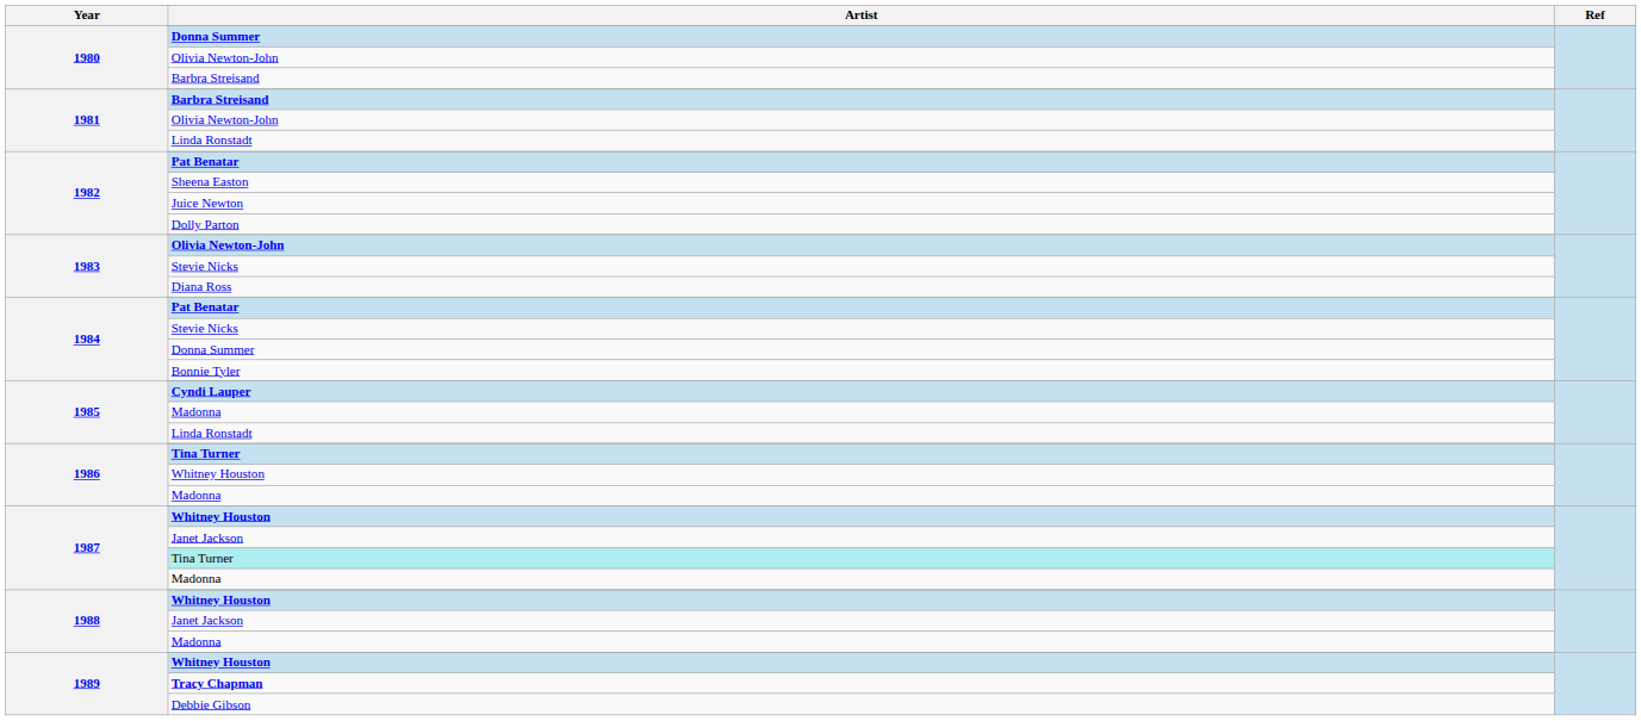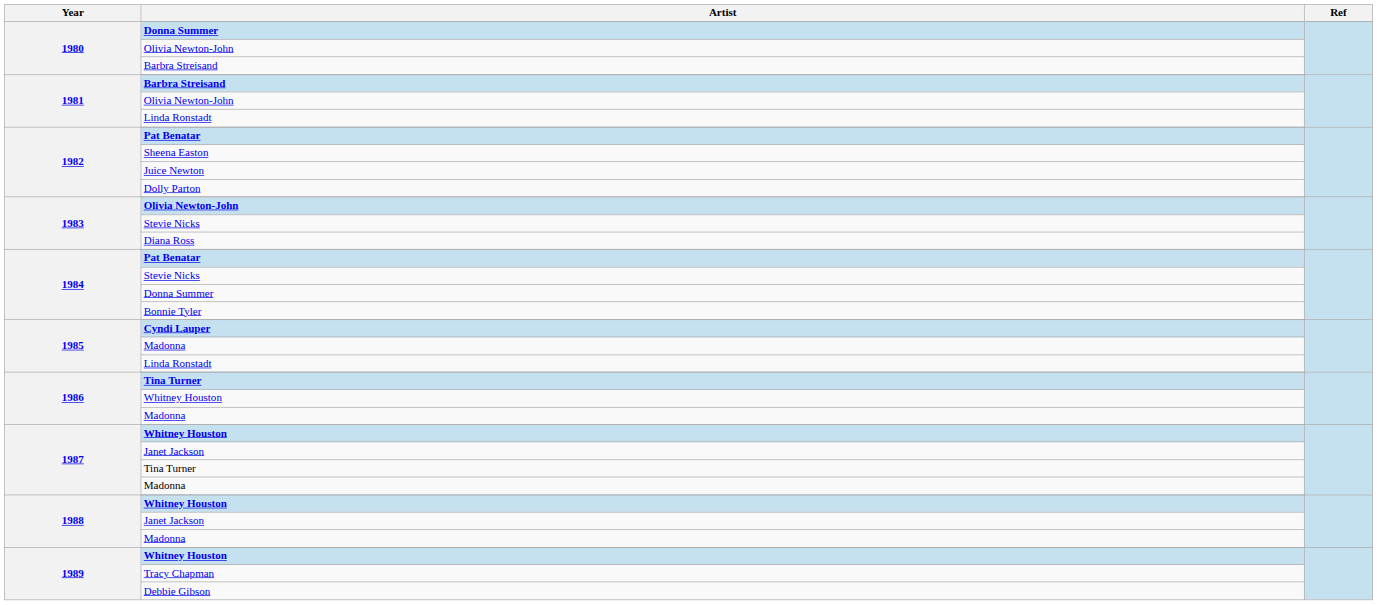 <table class="wikitable" width="100%">
 <tr>
 <th width="10%">Year</th>
 <th width="85%">Artist</th>
 <th width="5%">Ref</th>
 </tr>
 <tr>
 <th rowspan="4" align="center"><a href='#'>1980<br></a></th>
 </tr>
 <tr style="background:#c5e1f0">
 <td><strong><a href='#'>Donna Summer</a></strong></td>
 <td rowspan="4" align="center"></td>
 </tr>
 <tr>
 <td><a href='#'>Olivia Newton-John</a></td>
 </tr>
 <tr>
 <td><a href='#'>Barbra Streisand</a></td>
 </tr>
 <tr>
 <th rowspan="4" align="center"><a href='#'>1981<br></a></th>
 </tr>
 <tr style="background:#c5e1f0">
 <td><strong><a href='#'>Barbra Streisand</a></strong></td>
 <td rowspan="4" align="center"></td>
 </tr>
 <tr>
 <td><a href='#'>Olivia Newton-John</a></td>
 </tr>
 <tr>
 <td><a href='#'>Linda Ronstadt</a></td>
 </tr>
 <tr>
 <th rowspan="5" align="center"><a href='#'>1982<br></a></th>
 </tr>
 <tr style="background:#c5e1f0">
 <td><strong><a href='#'>Pat Benatar</a></strong></td>
 <td rowspan="5" align="center"></td>
 </tr>
 <tr>
 <td><a href='#'>Sheena Easton</a></td>
 </tr>
 <tr>
 <td><a href='#'>Juice Newton</a></td>
 </tr>
 <tr>
 <td><a href='#'>Dolly Parton</a></td>
 </tr>
 <tr>
 <th rowspan="4" align="center"><a href='#'>1983<br></a></th>
 </tr>
 <tr style="background:#c5e1f0">
 <td><strong><a href='#'>Olivia Newton-John</a></strong></td>
 <td rowspan="4" align="center"></td>
 </tr>
 <tr>
 <td><a href='#'>Stevie Nicks</a></td>
 </tr>
 <tr>
 <td><a href='#'>Diana Ross</a></td>
 </tr>
 <tr>
 <th rowspan="5" align="center"><a href='#'>1984<br></a></th>
 </tr>
 <tr style="background:#c5e1f0">
 <td><strong><a href='#'>Pat Benatar</a></strong></td>
 <td rowspan="5" align="center"></td>
 </tr>
 <tr>
 <td><a href='#'>Stevie Nicks</a></td>
 </tr>
 <tr>
 <td><a href='#'>Donna Summer</a></td>
 </tr>
 <tr>
 <td><a href='#'>Bonnie Tyler</a></td>
 </tr>
 <tr>
 <th rowspan="4" align="center"><a href='#'>1985<br></a></th>
 </tr>
 <tr style="background:#c5e1f0">
 <td><strong><a href='#'>Cyndi Lauper</a></strong></td>
 <td rowspan="4" align="center"></td>
 </tr>
 <tr>
 <td><a href='#'>Madonna</a></td>
 </tr>
 <tr>
 <td><a href='#'>Linda Ronstadt</a></td>
 </tr>
 <tr>
 <th rowspan="4" align="center"><a href='#'>1986<br></a></th>
 </tr>
 <tr style="background:#c5e1f0">
 <td><strong><a href='#'>Tina Turner</a></strong></td>
 <td rowspan="4" align="center"></td>
 </tr>
 <tr>
 <td><a href='#'>Whitney Houston</a></td>
 </tr>
 <tr>
 <td><a href='#'>Madonna</a></td>
 </tr>
 <tr>
 <th rowspan="5" align="center"><a href='#'>1987<br></a></th>
 </tr>
 <tr style="background:#c5e1f0">
 <td><strong><a href='#'>Whitney Houston</a></strong></td>
 <td rowspan="5" align="center"></td>
 </tr>
 <tr>
 <td><a href='#'>Janet Jackson</a></td>
 </tr>
 <tr>
-<td style="background: paleturquoise;">Tina Turner</td>
+<td>Tina Turner</td>
 </tr>
 <tr>
 <td>Madonna</td>
 </tr>
 <tr>
 <th rowspan="4" align="center"><a href='#'>1988<br></a></th>
 </tr>
 <tr style="background:#c5e1f0">
 <td><strong><a href='#'>Whitney Houston</a></strong></td>
 <td rowspan="4" align="center"></td>
 </tr>
 <tr>
 <td><a href='#'>Janet Jackson</a></td>
 </tr>
 <tr>
 <td><a href='#'>Madonna</a></td>
 </tr>
 <tr>
 <th rowspan="4" align="center"><a href='#'>1989<br></a></th>
 </tr>
 <tr style="background:#c5e1f0">
 <td><strong><a href='#'>Whitney Houston</a></strong></td>
 <td rowspan="4" align="center"></td>
 </tr>
 <tr>
-<td><strong><a href='#'>Tracy Chapman</a></strong></td>
+<td><a href='#'>Tracy Chapman</a></td>
 </tr>
 <tr>
 <td><a href='#'>Debbie Gibson</a></td>
 </tr>
 </table>
